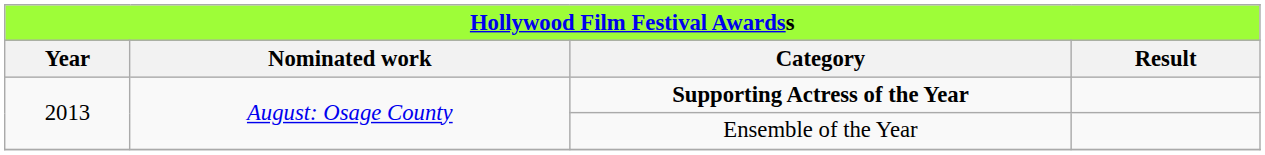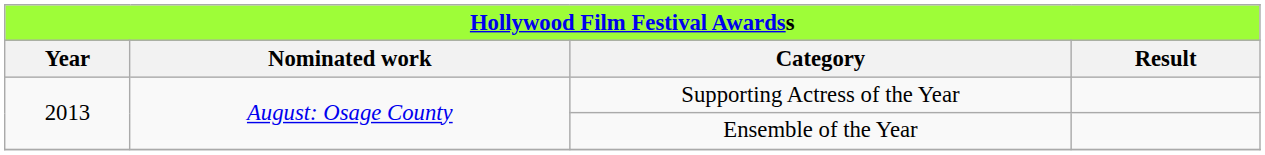 <table width="70%" class="wikitable sortable">
 <tr>
 <th colspan="4" style="background:#9EFD38;" align="center"><a href='#'>Hollywood Film Festival Awards</a>s</th>
 </tr>
 <tr>
 <th width="10%">Year</th>
 <th width="35%">Nominated work</th>
 <th width="40%">Category</th>
 <th width="15%">Result</th>
 </tr>
 <tr>
 <td rowspan=2 align="center">2013</td>
 <td rowspan=2 align="center"><em><a href='#'>August: Osage County</a></em></td>
-<td align="center"><strong>Supporting Actress of the Year</strong></td>
+<td align="center">Supporting Actress of the Year</td>
 <td></td>
 </tr>
 <tr>
 <td align="center">Ensemble of the Year</td>
 <td></td>
 </tr>
 <tr>
 </tr>
 </table>
